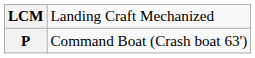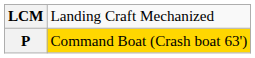 <table class="wikitable">
 <tr>
 <th>LCM</th>
 <td>Landing Craft Mechanized</td>
 </tr>
 <tr>
 <th>P</th>
-<td>Command Boat (Crash boat 63')</td>
+<td style="background: gold;">Command Boat (Crash boat 63')</td>
 </tr>
 </table>
